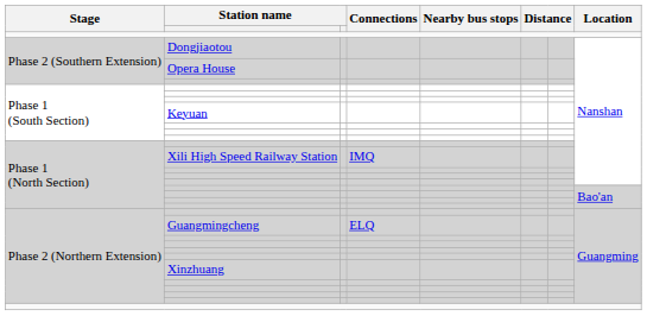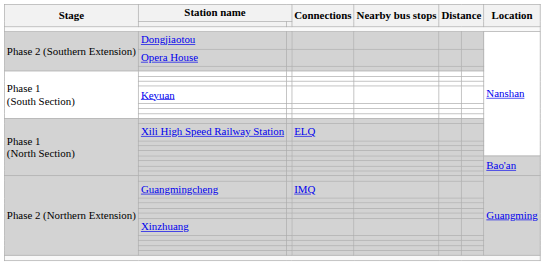 <table class="wikitable">
 <tr>
 <th rowspan="2">Stage</th>
 <th colspan="2">Station name</th>
 <th rowspan="2">Connections</th>
 <th rowspan="2">Nearby bus stops</th>
 <th colspan="2" rowspan="2">Distance<br></th>
 <th rowspan="2">Location</th>
 </tr>
 <tr>
 <th></th>
 <th></th>
 </tr>
 <tr style="background:#">
 <td colspan="8"></td>
 </tr>
 <tr bgcolor="lightgrey">
 <td rowspan="3">Phase 2 (Southern Extension)</td>
 <td><a href='#'>Dongjiaotou</a></td>
 <td></td>
 <td> </td>
 <td></td>
 <td></td>
 <td></td>
 <td rowspan="15" bgcolor=white><a href='#'>Nanshan</a></td>
 </tr>
 <tr bgcolor="lightgrey">
 <td><a href='#'>Opera House</a></td>
 <td></td>
 <td></td>
 <td></td>
 <td></td>
 <td></td>
 </tr>
 <tr bgcolor="lightgrey">
 <td></td>
 <td></td>
 <td></td>
 <td></td>
 <td></td>
 <td></td>
 </tr>
 <tr bgcolor="white">
 <td rowspan="7">Phase 1<br>(South Section)</td>
 <td></td>
 <td></td>
 <td></td>
 <td></td>
 <td></td>
 <td></td>
 </tr>
 <tr bgcolor="white">
 <td></td>
 <td></td>
 <td></td>
 <td></td>
 <td></td>
 <td></td>
 </tr>
 <tr bgcolor="white">
 <td></td>
 <td></td>
 <td>  </td>
 <td></td>
 <td></td>
 <td></td>
 </tr>
 <tr bgcolor="white">
 <td><a href='#'>Keyuan</a></td>
 <td></td>
 <td> </td>
 <td></td>
 <td></td>
 <td></td>
 </tr>
 <tr bgcolor="white">
 <td></td>
 <td></td>
 <td></td>
 <td></td>
 <td></td>
 <td></td>
 </tr>
 <tr bgcolor="white">
 <td></td>
 <td></td>
 <td> </td>
 <td></td>
 <td></td>
 <td></td>
 </tr>
 <tr bgcolor="white">
 <td></td>
 <td></td>
 <td></td>
 <td></td>
 <td></td>
 <td></td>
 </tr>
 <tr bgcolor="lightgrey">
 <td rowspan="9">Phase 1<br>(North Section)</td>
 <td></td>
 <td></td>
 <td></td>
 <td></td>
 <td></td>
 <td></td>
 </tr>
 <tr bgcolor="lightgrey">
 <td><a href='#'>Xili High Speed Railway Station</a></td>
 <td></td>
-<td>  <a href='#'>IMQ</a></td>
+<td> <a href='#'>ELQ</a><br>  </td>
 <td></td>
 <td></td>
 <td></td>
 </tr>
 <tr bgcolor="lightgrey">
 <td></td>
 <td></td>
 <td></td>
 <td></td>
 <td></td>
 <td></td>
 </tr>
 <tr bgcolor="lightgrey">
 <td></td>
 <td></td>
 <td></td>
 <td></td>
 <td></td>
 <td></td>
 </tr>
 <tr bgcolor="lightgrey">
 <td></td>
 <td></td>
 <td></td>
 <td></td>
 <td></td>
 <td></td>
 </tr>
 <tr bgcolor="lightgrey">
 <td></td>
 <td></td>
 <td></td>
 <td></td>
 <td></td>
 <td></td>
 <td rowspan="4"><a href='#'>Bao'an</a></td>
 </tr>
 <tr bgcolor="lightgrey">
 <td></td>
 <td></td>
 <td></td>
 <td></td>
 <td></td>
 <td></td>
 </tr>
 <tr bgcolor="lightgrey">
 <td></td>
 <td></td>
 <td></td>
 <td></td>
 <td></td>
 <td></td>
 </tr>
 <tr bgcolor="lightgrey">
 <td></td>
 <td></td>
 <td></td>
 <td></td>
 <td></td>
 <td></td>
 </tr>
 <tr bgcolor="lightgrey">
 <td rowspan="11">Phase 2 (Northern Extension)</td>
 <td></td>
 <td></td>
 <td></td>
 <td></td>
 <td></td>
 <td></td>
 <td rowspan="11"><a href='#'>Guangming</a></td>
 </tr>
 <tr bgcolor="lightgrey">
 <td><a href='#'>Guangmingcheng</a></td>
 <td></td>
-<td> <a href='#'>ELQ</a><br>  </td>
+<td>  <a href='#'>IMQ</a></td>
 <td></td>
 <td></td>
 <td></td>
 </tr>
 <tr bgcolor="lightgrey">
 <td></td>
 <td></td>
 <td></td>
 <td></td>
 <td></td>
 <td></td>
 </tr>
 <tr bgcolor="lightgrey">
 <td></td>
 <td></td>
 <td></td>
 <td></td>
 <td></td>
 <td></td>
 </tr>
 <tr bgcolor="lightgrey">
 <td></td>
 <td></td>
 <td></td>
 <td></td>
 <td></td>
 <td></td>
 </tr>
 <tr bgcolor="lightgrey">
 <td></td>
 <td></td>
 <td></td>
 <td></td>
 <td></td>
 <td></td>
 </tr>
 <tr bgcolor="lightgrey">
 <td><a href='#'>Xinzhuang</a></td>
 <td></td>
 <td></td>
 <td></td>
 <td></td>
 <td></td>
 </tr>
 <tr bgcolor="lightgrey">
 <td></td>
 <td></td>
 <td></td>
 <td></td>
 <td></td>
 <td></td>
 </tr>
 <tr bgcolor="lightgrey">
 <td></td>
 <td></td>
 <td></td>
 <td></td>
 <td></td>
 <td></td>
 </tr>
 <tr bgcolor="lightgrey">
 <td></td>
 <td></td>
 <td></td>
 <td></td>
 <td></td>
 <td></td>
 </tr>
 <tr bgcolor="lightgrey">
 <td></td>
 <td></td>
 <td></td>
 <td></td>
 <td></td>
 <td></td>
 </tr>
 <tr style="background:#">
 <td colspan="8"></td>
 </tr>
 </table>
